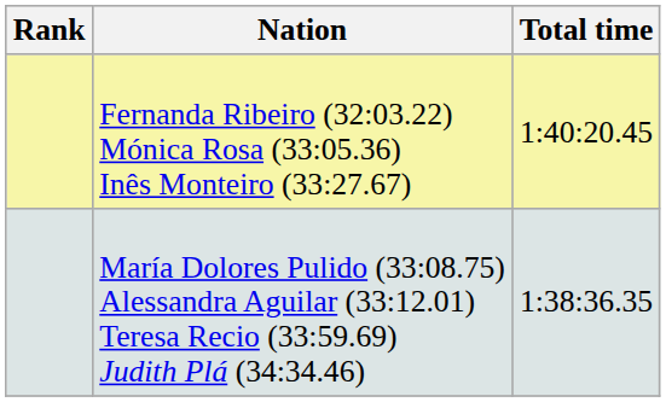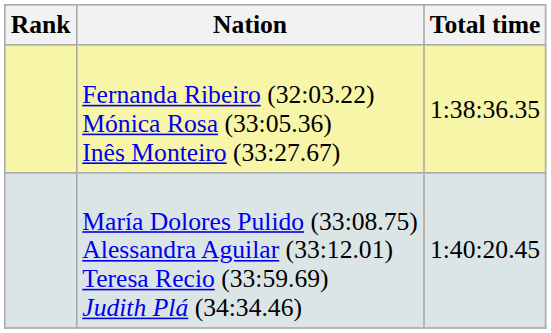 <table class = "wikitable" style = "text-align: center">
 <tr>
 <th>Rank</th>
 <th>Nation</th>
 <th>Total time</th>
 </tr>
 <tr bgcolor = f7f6a8>
 <td></td>
 <td align = "left"> <br> <a href='#'>Fernanda Ribeiro</a> (32:03.22) <br> <a href='#'>Mónica Rosa</a> (33:05.36) <br> <a href='#'>Inês Monteiro</a> (33:27.67)</td>
-<td>1:40:20.45</td>
+<td>1:38:36.35</td>
 </tr>
 <tr bgcolor = dce5e5>
 <td></td>
 <td align = "left"> <br> <a href='#'>María Dolores Pulido</a> (33:08.75) <br> <a href='#'>Alessandra Aguilar</a> (33:12.01) <br> <a href='#'>Teresa Recio</a> (33:59.69) <br> <em> <a href='#'>Judith Plá</a> </em> (34:34.46)</td>
-<td>1:38:36.35</td>
+<td>1:40:20.45</td>
 </tr>
 </table>
